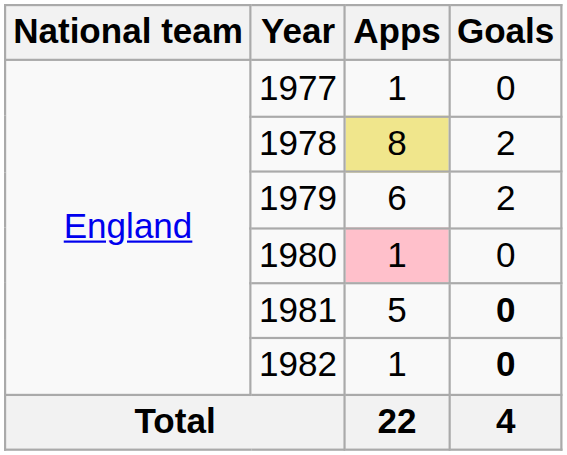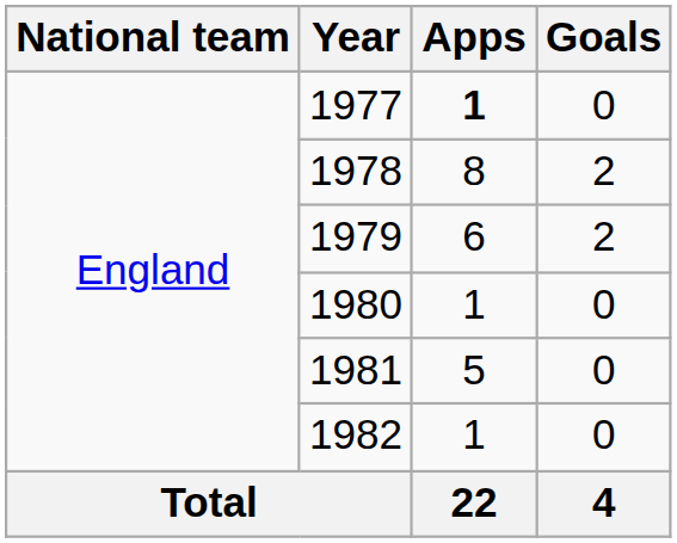 <table class="wikitable" style="text-align:center">
 <tr>
 <th>National team</th>
 <th>Year</th>
 <th>Apps</th>
 <th>Goals</th>
 </tr>
 <tr>
 <td rowspan="6"><a href='#'>England</a></td>
 <td>1977</td>
-<td>1</td>
+<td><strong>1</strong></td>
 <td>0</td>
 </tr>
 <tr>
 <td>1978</td>
-<td style="background: khaki;">8</td>
+<td>8</td>
 <td>2</td>
 </tr>
 <tr>
 <td>1979</td>
 <td>6</td>
 <td>2</td>
 </tr>
 <tr>
 <td>1980</td>
-<td style="background: pink;">1</td>
+<td>1</td>
 <td>0</td>
 </tr>
 <tr>
 <td>1981</td>
 <td>5</td>
-<td><strong>0</strong></td>
+<td>0</td>
 </tr>
 <tr>
 <td>1982</td>
 <td>1</td>
-<td><strong>0</strong></td>
+<td>0</td>
 </tr>
 <tr>
 <th colspan="2">Total</th>
 <th>22</th>
 <th>4</th>
 </tr>
 </table>
